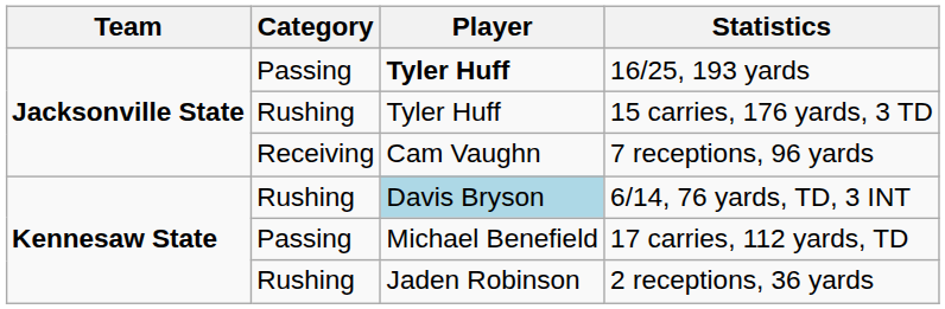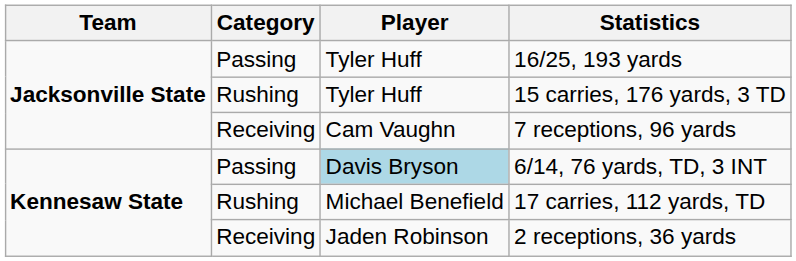 <table class="wikitable" style="float: right;">
 <tr>
 <th>Team</th>
 <th>Category</th>
 <th>Player</th>
 <th>Statistics</th>
 </tr>
 <tr>
 <td rowspan=3><strong>Jacksonville State</strong></td>
 <td>Passing</td>
-<td><strong>Tyler Huff</strong></td>
+<td>Tyler Huff</td>
 <td>16/25, 193 yards</td>
 </tr>
 <tr>
 <td>Rushing</td>
 <td>Tyler Huff</td>
 <td>15 carries, 176 yards, 3 TD</td>
 </tr>
 <tr>
 <td>Receiving</td>
 <td>Cam Vaughn</td>
 <td>7 receptions, 96 yards</td>
 </tr>
 <tr>
 <td rowspan=3><strong>Kennesaw State</strong></td>
-<td>Rushing</td>
+<td>Passing</td>
 <td style="background: lightblue;">Davis Bryson</td>
 <td>6/14, 76 yards, TD, 3 INT</td>
 </tr>
 <tr>
-<td>Passing</td>
+<td>Rushing</td>
 <td>Michael Benefield</td>
 <td>17 carries, 112 yards, TD</td>
 </tr>
 <tr>
-<td>Rushing</td>
+<td>Receiving</td>
 <td>Jaden Robinson</td>
 <td>2 receptions, 36 yards</td>
 </tr>
 </table>
